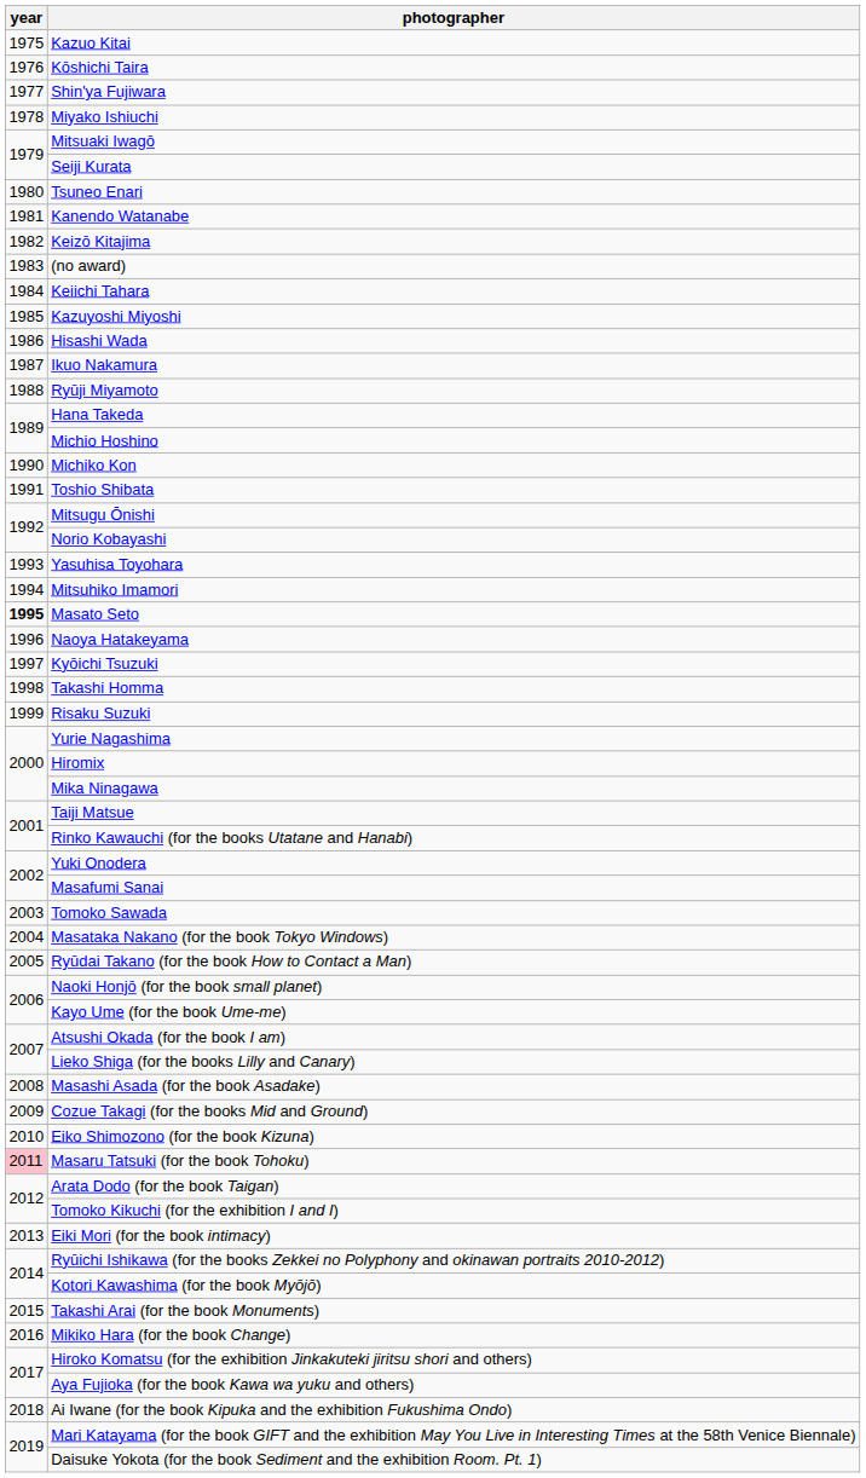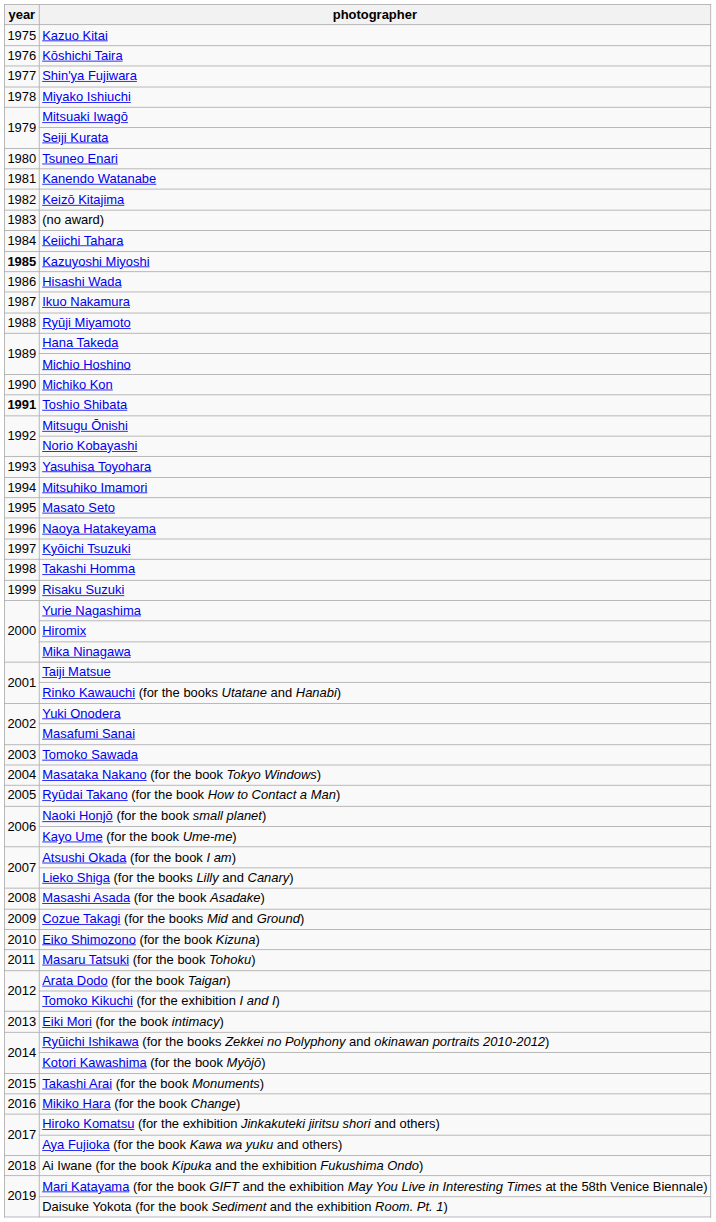 <table class="wikitable">
 <tr>
 <th>year</th>
 <th>photographer</th>
 </tr>
 <tr>
 <td>1975</td>
 <td><a href='#'>Kazuo Kitai</a></td>
 </tr>
 <tr>
 <td>1976</td>
 <td><a href='#'>Kōshichi Taira</a></td>
 </tr>
 <tr>
 <td>1977</td>
 <td><a href='#'>Shin'ya Fujiwara</a></td>
 </tr>
 <tr>
 <td>1978</td>
 <td><a href='#'>Miyako Ishiuchi</a></td>
 </tr>
 <tr>
 <td rowspan=2>1979</td>
 <td><a href='#'>Mitsuaki Iwagō</a></td>
 </tr>
 <tr>
 <td><a href='#'>Seiji Kurata</a></td>
 </tr>
 <tr>
 <td>1980</td>
 <td><a href='#'>Tsuneo Enari</a></td>
 </tr>
 <tr>
 <td>1981</td>
 <td><a href='#'>Kanendo Watanabe</a></td>
 </tr>
 <tr>
 <td>1982</td>
 <td><a href='#'>Keizō Kitajima</a></td>
 </tr>
 <tr>
 <td>1983</td>
 <td>(no award)</td>
 </tr>
 <tr>
 <td>1984</td>
 <td><a href='#'>Keiichi Tahara</a></td>
 </tr>
 <tr>
-<td>1985</td>
+<td><strong>1985</strong></td>
 <td><a href='#'>Kazuyoshi Miyoshi</a></td>
 </tr>
 <tr>
 <td>1986</td>
 <td><a href='#'>Hisashi Wada</a></td>
 </tr>
 <tr>
 <td>1987</td>
 <td><a href='#'>Ikuo Nakamura</a></td>
 </tr>
 <tr>
 <td>1988</td>
 <td><a href='#'>Ryūji Miyamoto</a></td>
 </tr>
 <tr>
 <td rowspan=2>1989</td>
 <td><a href='#'>Hana Takeda</a></td>
 </tr>
 <tr>
 <td><a href='#'>Michio Hoshino</a></td>
 </tr>
 <tr>
 <td>1990</td>
 <td><a href='#'>Michiko Kon</a></td>
 </tr>
 <tr>
-<td>1991</td>
+<td><strong>1991</strong></td>
 <td><a href='#'>Toshio Shibata</a></td>
 </tr>
 <tr>
 <td rowspan=2>1992</td>
 <td><a href='#'>Mitsugu Ōnishi</a></td>
 </tr>
 <tr>
 <td><a href='#'>Norio Kobayashi</a></td>
 </tr>
 <tr>
 <td>1993</td>
 <td><a href='#'>Yasuhisa Toyohara</a></td>
 </tr>
 <tr>
 <td>1994</td>
 <td><a href='#'>Mitsuhiko Imamori</a></td>
 </tr>
 <tr>
-<td><strong>1995</strong></td>
+<td>1995</td>
 <td><a href='#'>Masato Seto</a></td>
 </tr>
 <tr>
 <td>1996</td>
 <td><a href='#'>Naoya Hatakeyama</a></td>
 </tr>
 <tr>
 <td>1997</td>
 <td><a href='#'>Kyōichi Tsuzuki</a></td>
 </tr>
 <tr>
 <td>1998</td>
 <td><a href='#'>Takashi Homma</a></td>
 </tr>
 <tr>
 <td>1999</td>
 <td><a href='#'>Risaku Suzuki</a></td>
 </tr>
 <tr>
 <td rowspan=3>2000</td>
 <td><a href='#'>Yurie Nagashima</a></td>
 </tr>
 <tr>
 <td><a href='#'>Hiromix</a></td>
 </tr>
 <tr>
 <td><a href='#'>Mika Ninagawa</a></td>
 </tr>
 <tr>
 <td rowspan=2>2001</td>
 <td><a href='#'>Taiji Matsue</a></td>
 </tr>
 <tr>
 <td><a href='#'>Rinko Kawauchi</a> (for the books <em>Utatane</em> and <em>Hanabi</em>)</td>
 </tr>
 <tr>
 <td rowspan=2>2002</td>
 <td><a href='#'>Yuki Onodera</a></td>
 </tr>
 <tr>
 <td><a href='#'>Masafumi Sanai</a></td>
 </tr>
 <tr>
 <td>2003</td>
 <td><a href='#'>Tomoko Sawada</a></td>
 </tr>
 <tr>
 <td>2004</td>
 <td><a href='#'>Masataka Nakano</a> (for the book <em>Tokyo Windows</em>)</td>
 </tr>
 <tr>
 <td>2005</td>
 <td><a href='#'>Ryūdai Takano</a> (for the book <em>How to Contact a Man</em>)</td>
 </tr>
 <tr>
 <td rowspan=2>2006</td>
 <td><a href='#'>Naoki Honjō</a> (for the book <em>small planet</em>)</td>
 </tr>
 <tr>
 <td><a href='#'>Kayo Ume</a> (for the book <em>Ume-me</em>)</td>
 </tr>
 <tr>
 <td rowspan=2>2007</td>
 <td><a href='#'>Atsushi Okada</a> (for the book <em>I am</em>)</td>
 </tr>
 <tr>
 <td><a href='#'>Lieko Shiga</a> (for the books <em>Lilly</em> and <em>Canary</em>)</td>
 </tr>
 <tr>
 <td>2008</td>
 <td><a href='#'>Masashi Asada</a> (for the book <em>Asadake</em>)</td>
 </tr>
 <tr>
 <td>2009</td>
 <td><a href='#'>Cozue Takagi</a> (for the books <em>Mid</em> and <em>Ground</em>)</td>
 </tr>
 <tr>
 <td>2010</td>
 <td><a href='#'>Eiko Shimozono</a> (for the book <em>Kizuna</em>)</td>
 </tr>
 <tr>
-<td style="background: pink;">2011</td>
+<td>2011</td>
 <td><a href='#'>Masaru Tatsuki</a> (for the book <em>Tohoku</em>)</td>
 </tr>
 <tr>
 <td rowspan=2>2012</td>
 <td><a href='#'>Arata Dodo</a> (for the book <em>Taigan</em>)</td>
 </tr>
 <tr>
 <td><a href='#'>Tomoko Kikuchi</a> (for the exhibition <em>I and I</em>)</td>
 </tr>
 <tr>
 <td>2013</td>
 <td><a href='#'>Eiki Mori</a> (for the book <em>intimacy</em>)</td>
 </tr>
 <tr>
 <td rowspan=2>2014</td>
 <td><a href='#'>Ryūichi Ishikawa</a> (for the books <em>Zekkei no Polyphony</em> and <em>okinawan portraits 2010-2012</em>)</td>
 </tr>
 <tr>
 <td><a href='#'>Kotori Kawashima</a> (for the book <em>Myōjō</em>)</td>
 </tr>
 <tr>
 <td>2015</td>
 <td><a href='#'>Takashi Arai</a> (for the book <em>Monuments</em>)</td>
 </tr>
 <tr>
 <td>2016</td>
 <td><a href='#'>Mikiko Hara</a> (for the book <em>Change</em>)</td>
 </tr>
 <tr>
 <td rowspan=2>2017</td>
 <td><a href='#'>Hiroko Komatsu</a> (for the exhibition <em>Jinkakuteki jiritsu shori</em> and others)</td>
 </tr>
 <tr>
 <td><a href='#'>Aya Fujioka</a> (for the book <em>Kawa wa yuku</em> and others)</td>
 </tr>
 <tr>
 <td>2018</td>
 <td>Ai Iwane (for the book <em>Kipuka</em> and the exhibition <em>Fukushima Ondo</em>)</td>
 </tr>
 <tr>
 <td rowspan="2">2019</td>
 <td><a href='#'>Mari Katayama</a> (for the book <em>GIFT</em> and the exhibition <em>May You Live in Interesting Times</em> at the 58th Venice Biennale)</td>
 </tr>
 <tr>
 <td>Daisuke Yokota (for the book <em>Sediment</em> and the exhibition <em>Room. Pt. 1</em>)</td>
 </tr>
 </table>
